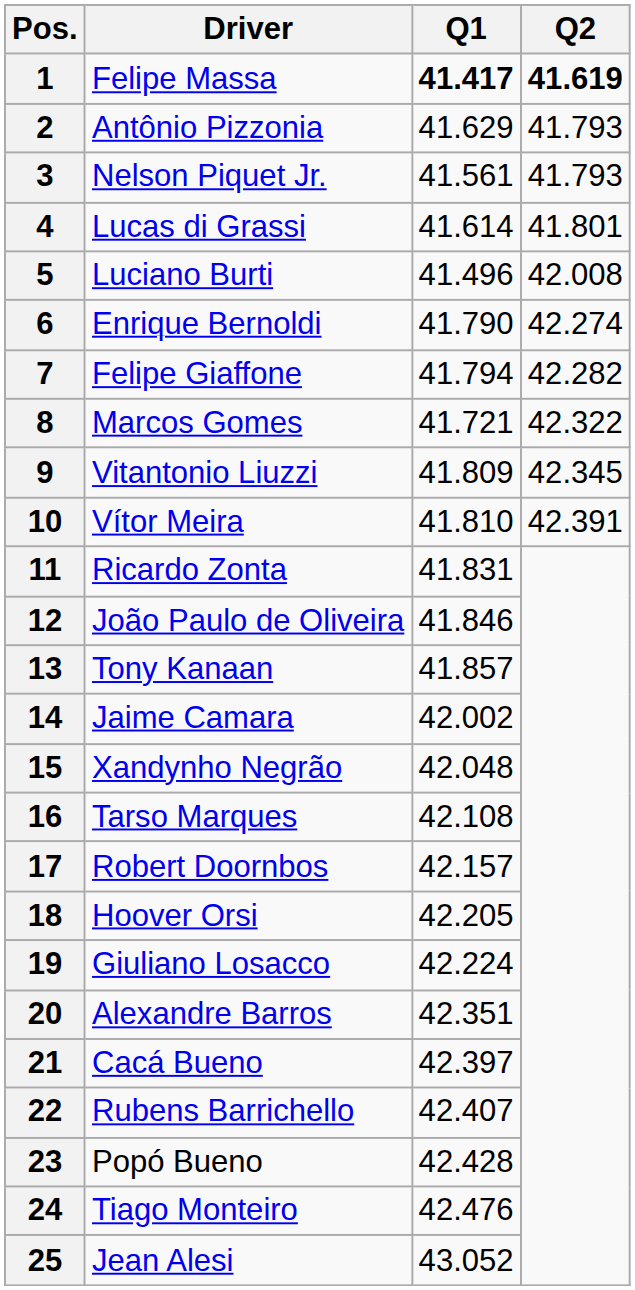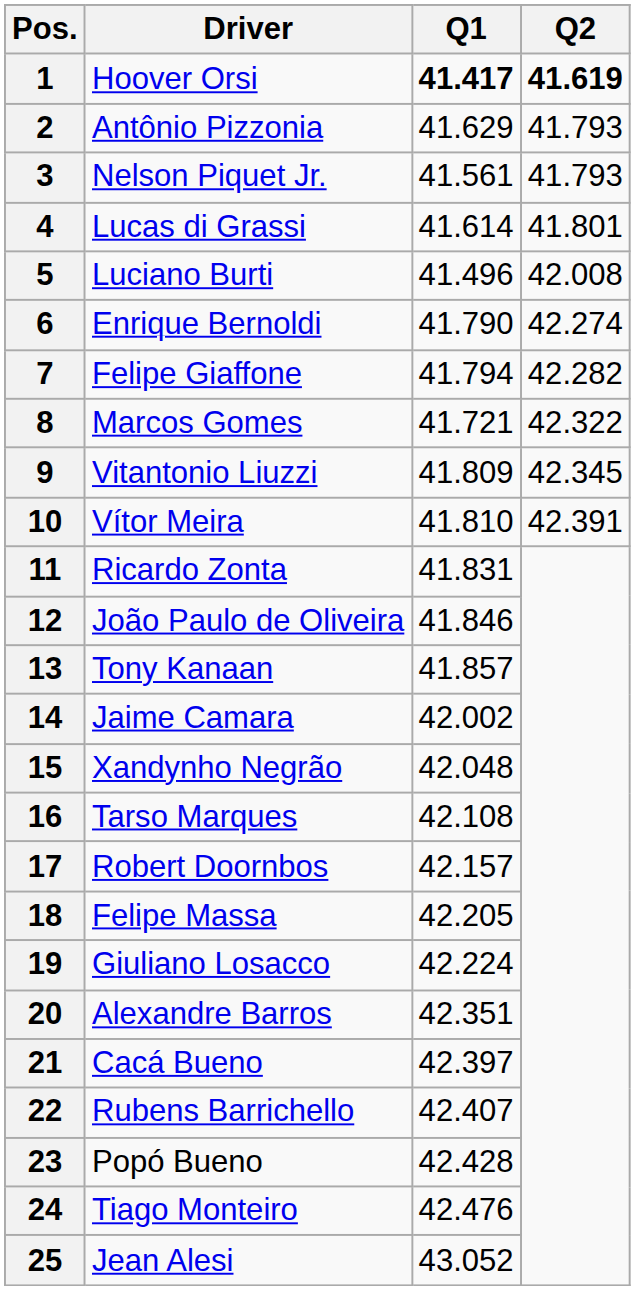 <table class="wikitable">
 <tr>
 <th>Pos.</th>
 <th>Driver</th>
 <th>Q1</th>
 <th>Q2</th>
 </tr>
 <tr>
 <th>1</th>
-<td> <a href='#'>Felipe Massa</a></td>
+<td> <a href='#'>Hoover Orsi</a></td>
 <td><strong>41.417</strong></td>
 <td><strong>41.619</strong></td>
 </tr>
 <tr>
 <th>2</th>
 <td> <a href='#'>Antônio Pizzonia</a></td>
 <td>41.629</td>
 <td>41.793</td>
 </tr>
 <tr>
 <th>3</th>
 <td> <a href='#'>Nelson Piquet Jr.</a></td>
 <td>41.561</td>
 <td>41.793</td>
 </tr>
 <tr>
 <th>4</th>
 <td> <a href='#'>Lucas di Grassi</a></td>
 <td>41.614</td>
 <td>41.801</td>
 </tr>
 <tr>
 <th>5</th>
 <td> <a href='#'>Luciano Burti</a></td>
 <td>41.496</td>
 <td>42.008</td>
 </tr>
 <tr>
 <th>6</th>
 <td> <a href='#'>Enrique Bernoldi</a></td>
 <td>41.790</td>
 <td>42.274</td>
 </tr>
 <tr>
 <th>7</th>
 <td> <a href='#'>Felipe Giaffone</a></td>
 <td>41.794</td>
 <td>42.282</td>
 </tr>
 <tr>
 <th>8</th>
 <td> <a href='#'>Marcos Gomes</a></td>
 <td>41.721</td>
 <td>42.322</td>
 </tr>
 <tr>
 <th>9</th>
 <td> <a href='#'>Vitantonio Liuzzi</a></td>
 <td>41.809</td>
 <td>42.345</td>
 </tr>
 <tr>
 <th>10</th>
 <td> <a href='#'>Vítor Meira</a></td>
 <td>41.810</td>
 <td>42.391</td>
 </tr>
 <tr>
 <th>11</th>
 <td> <a href='#'>Ricardo Zonta</a></td>
 <td>41.831</td>
 <td rowspan=15></td>
 </tr>
 <tr>
 <th>12</th>
 <td> <a href='#'>João Paulo de Oliveira</a></td>
 <td>41.846</td>
 </tr>
 <tr>
 <th>13</th>
 <td> <a href='#'>Tony Kanaan</a></td>
 <td>41.857</td>
 </tr>
 <tr>
 <th>14</th>
 <td> <a href='#'>Jaime Camara</a></td>
 <td>42.002</td>
 </tr>
 <tr>
 <th>15</th>
 <td> <a href='#'>Xandynho Negrão</a></td>
 <td>42.048</td>
 </tr>
 <tr>
 <th>16</th>
 <td> <a href='#'>Tarso Marques</a></td>
 <td>42.108</td>
 </tr>
 <tr>
 <th>17</th>
 <td> <a href='#'>Robert Doornbos</a></td>
 <td>42.157</td>
 </tr>
 <tr>
 <th>18</th>
-<td> <a href='#'>Hoover Orsi</a></td>
+<td> <a href='#'>Felipe Massa</a></td>
 <td>42.205</td>
 </tr>
 <tr>
 <th>19</th>
 <td> <a href='#'>Giuliano Losacco</a></td>
 <td>42.224</td>
 </tr>
 <tr>
 <th>20</th>
 <td> <a href='#'>Alexandre Barros</a></td>
 <td>42.351</td>
 </tr>
 <tr>
 <th>21</th>
 <td> <a href='#'>Cacá Bueno</a></td>
 <td>42.397</td>
 </tr>
 <tr>
 <th>22</th>
 <td> <a href='#'>Rubens Barrichello</a></td>
 <td>42.407</td>
 </tr>
 <tr>
 <th>23</th>
 <td> Popó Bueno</td>
 <td>42.428</td>
 </tr>
 <tr>
 <th>24</th>
 <td> <a href='#'>Tiago Monteiro</a></td>
 <td>42.476</td>
 </tr>
 <tr>
 <th>25</th>
 <td> <a href='#'>Jean Alesi</a></td>
 <td>43.052</td>
 </tr>
 </table>
